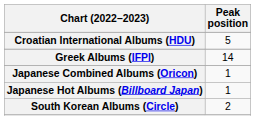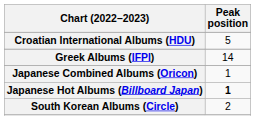 <table class="wikitable sortable plainrowheaders" style="text-align:center;">
 <tr>
 <th scope="col">Chart (2022–2023)</th>
 <th scope="col">Peak<br>position</th>
 </tr>
 <tr>
 </tr>
 <tr>
 </tr>
 <tr>
 </tr>
 <tr>
 <th scope="row">Croatian International Albums (<a href='#'>HDU</a>)</th>
 <td>5</td>
 </tr>
 <tr>
 </tr>
 <tr>
 </tr>
 <tr>
 <th scope="row">Greek Albums (<a href='#'>IFPI</a>)</th>
 <td>14</td>
 </tr>
 <tr>
 </tr>
 <tr>
 </tr>
 <tr>
 <th scope="row">Japanese Combined Albums (<a href='#'>Oricon</a>)</th>
 <td>1</td>
 </tr>
 <tr>
 <th scope="row">Japanese Hot Albums (<em><a href='#'>Billboard Japan</a></em>)</th>
-<td>1</td>
+<td><strong>1</strong></td>
 </tr>
 <tr>
 <th scope="row">South Korean Albums (<a href='#'>Circle</a>)</th>
 <td>2</td>
 </tr>
 <tr>
 </tr>
 <tr>
 </tr>
 <tr>
 </tr>
 <tr>
 </tr>
 </table>
